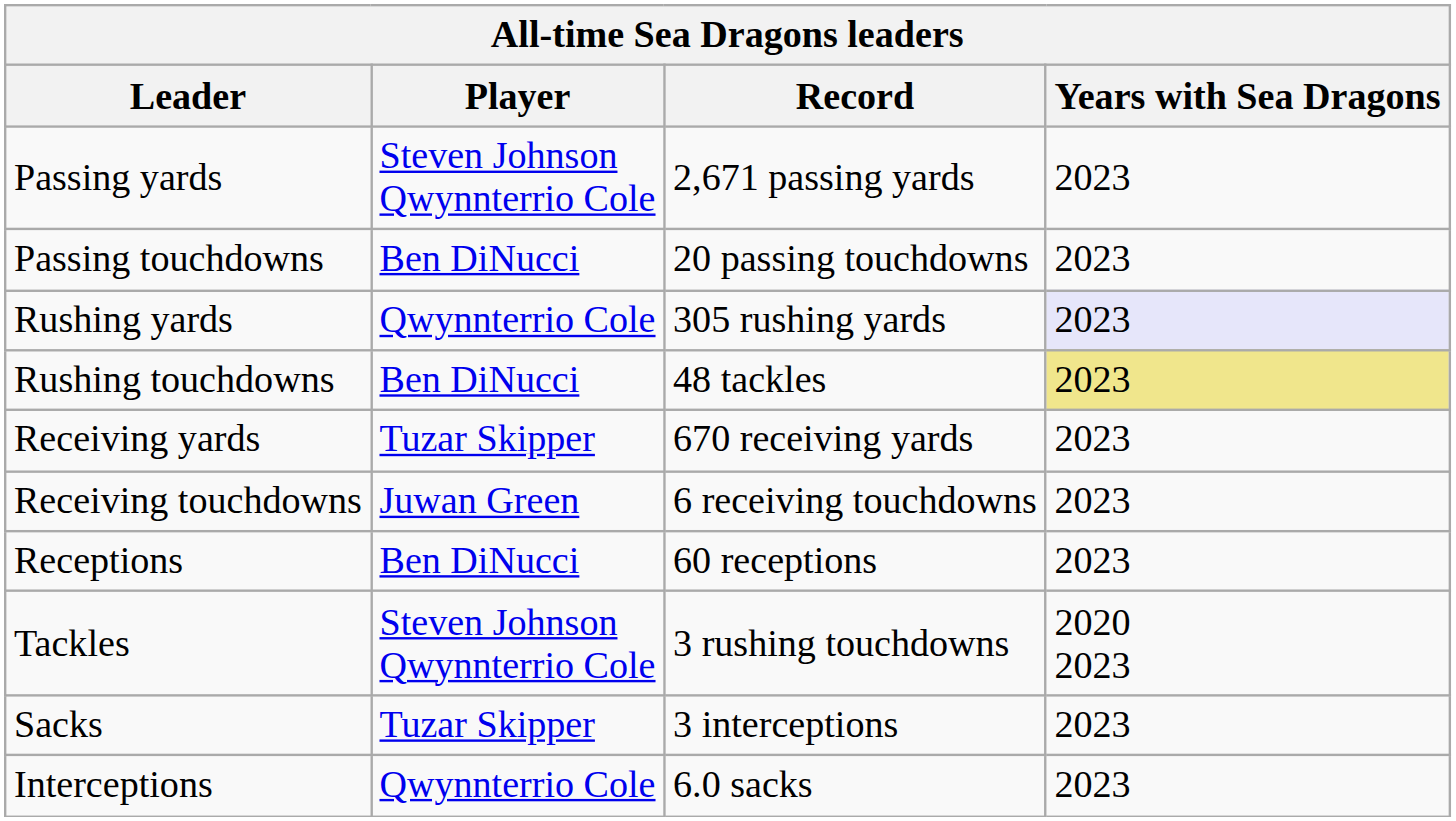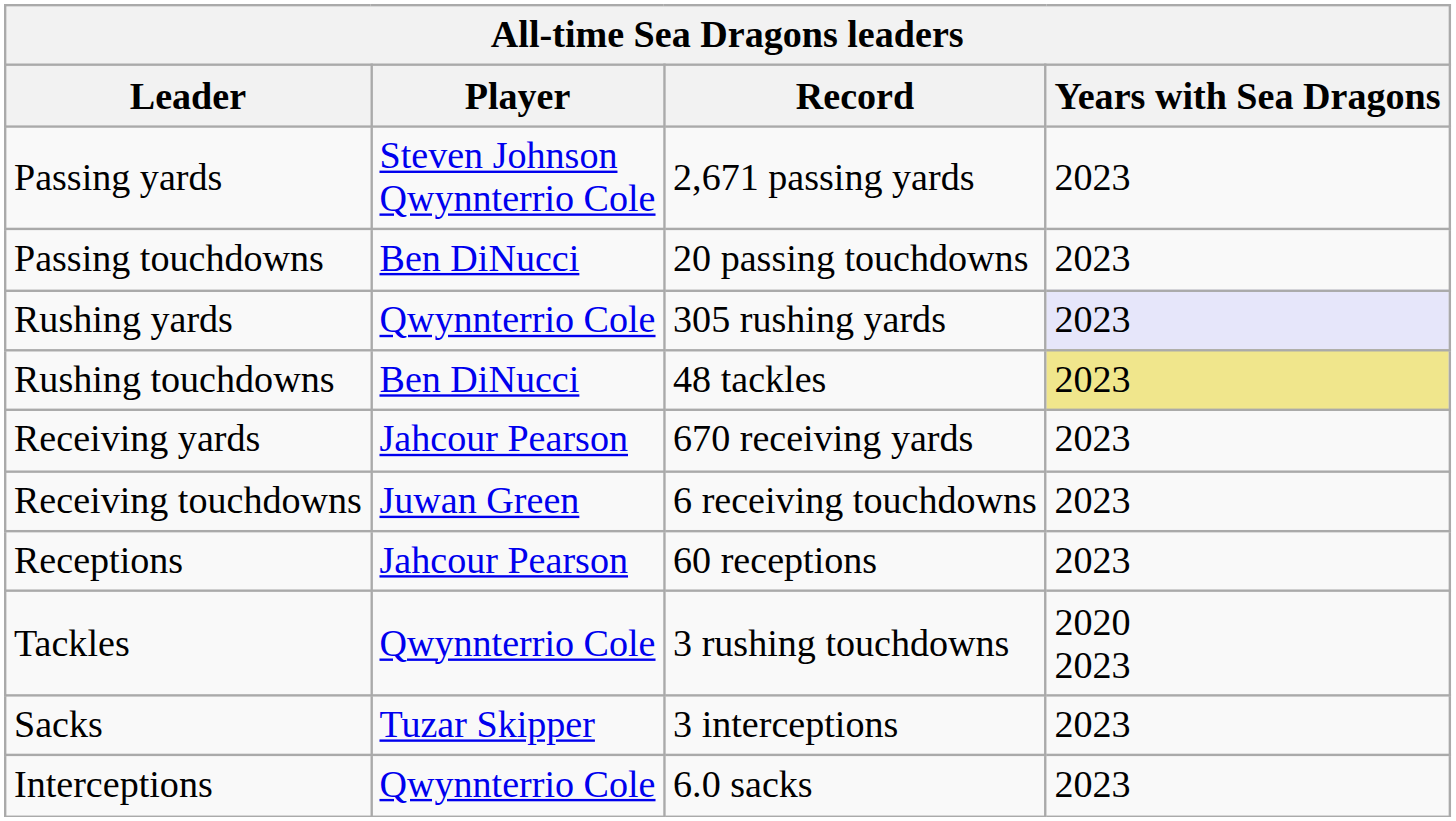 <table class="wikitable">
 <tr>
 <th colspan="5">All-time Sea Dragons leaders</th>
 </tr>
 <tr>
 <th>Leader</th>
 <th>Player</th>
 <th>Record</th>
 <th>Years with Sea Dragons</th>
 </tr>
 <tr>
 <td>Passing yards</td>
 <td><a href='#'>Steven Johnson</a><br><a href='#'>Qwynnterrio Cole</a></td>
 <td>2,671 passing yards</td>
 <td>2023</td>
 </tr>
 <tr>
 <td>Passing touchdowns</td>
 <td><a href='#'>Ben DiNucci</a></td>
 <td>20 passing touchdowns</td>
 <td>2023</td>
 </tr>
 <tr>
 <td>Rushing yards</td>
 <td><a href='#'>Qwynnterrio Cole</a></td>
 <td>305 rushing yards</td>
 <td style="background: lavender;">2023</td>
 </tr>
 <tr>
 <td>Rushing touchdowns</td>
 <td><a href='#'>Ben DiNucci</a></td>
 <td>48 tackles</td>
 <td style="background: khaki;">2023</td>
 </tr>
 <tr>
 <td>Receiving yards</td>
-<td><a href='#'>Tuzar Skipper</a></td>
+<td><a href='#'>Jahcour Pearson</a></td>
 <td>670 receiving yards</td>
 <td>2023</td>
 </tr>
 <tr>
 <td>Receiving touchdowns</td>
 <td><a href='#'>Juwan Green</a></td>
 <td>6 receiving touchdowns</td>
 <td>2023</td>
 </tr>
 <tr>
 <td>Receptions</td>
-<td><a href='#'>Ben DiNucci</a></td>
+<td><a href='#'>Jahcour Pearson</a></td>
 <td>60 receptions</td>
 <td>2023</td>
 </tr>
 <tr>
 <td>Tackles</td>
-<td><a href='#'>Steven Johnson</a><br><a href='#'>Qwynnterrio Cole</a></td>
+<td><a href='#'>Qwynnterrio Cole</a></td>
 <td>3 rushing touchdowns</td>
 <td>2020<br>2023</td>
 </tr>
 <tr>
 <td>Sacks</td>
 <td><a href='#'>Tuzar Skipper</a></td>
 <td>3 interceptions</td>
 <td>2023</td>
 </tr>
 <tr>
 <td>Interceptions</td>
 <td><a href='#'>Qwynnterrio Cole</a></td>
 <td>6.0 sacks</td>
 <td>2023</td>
 </tr>
 </table>
